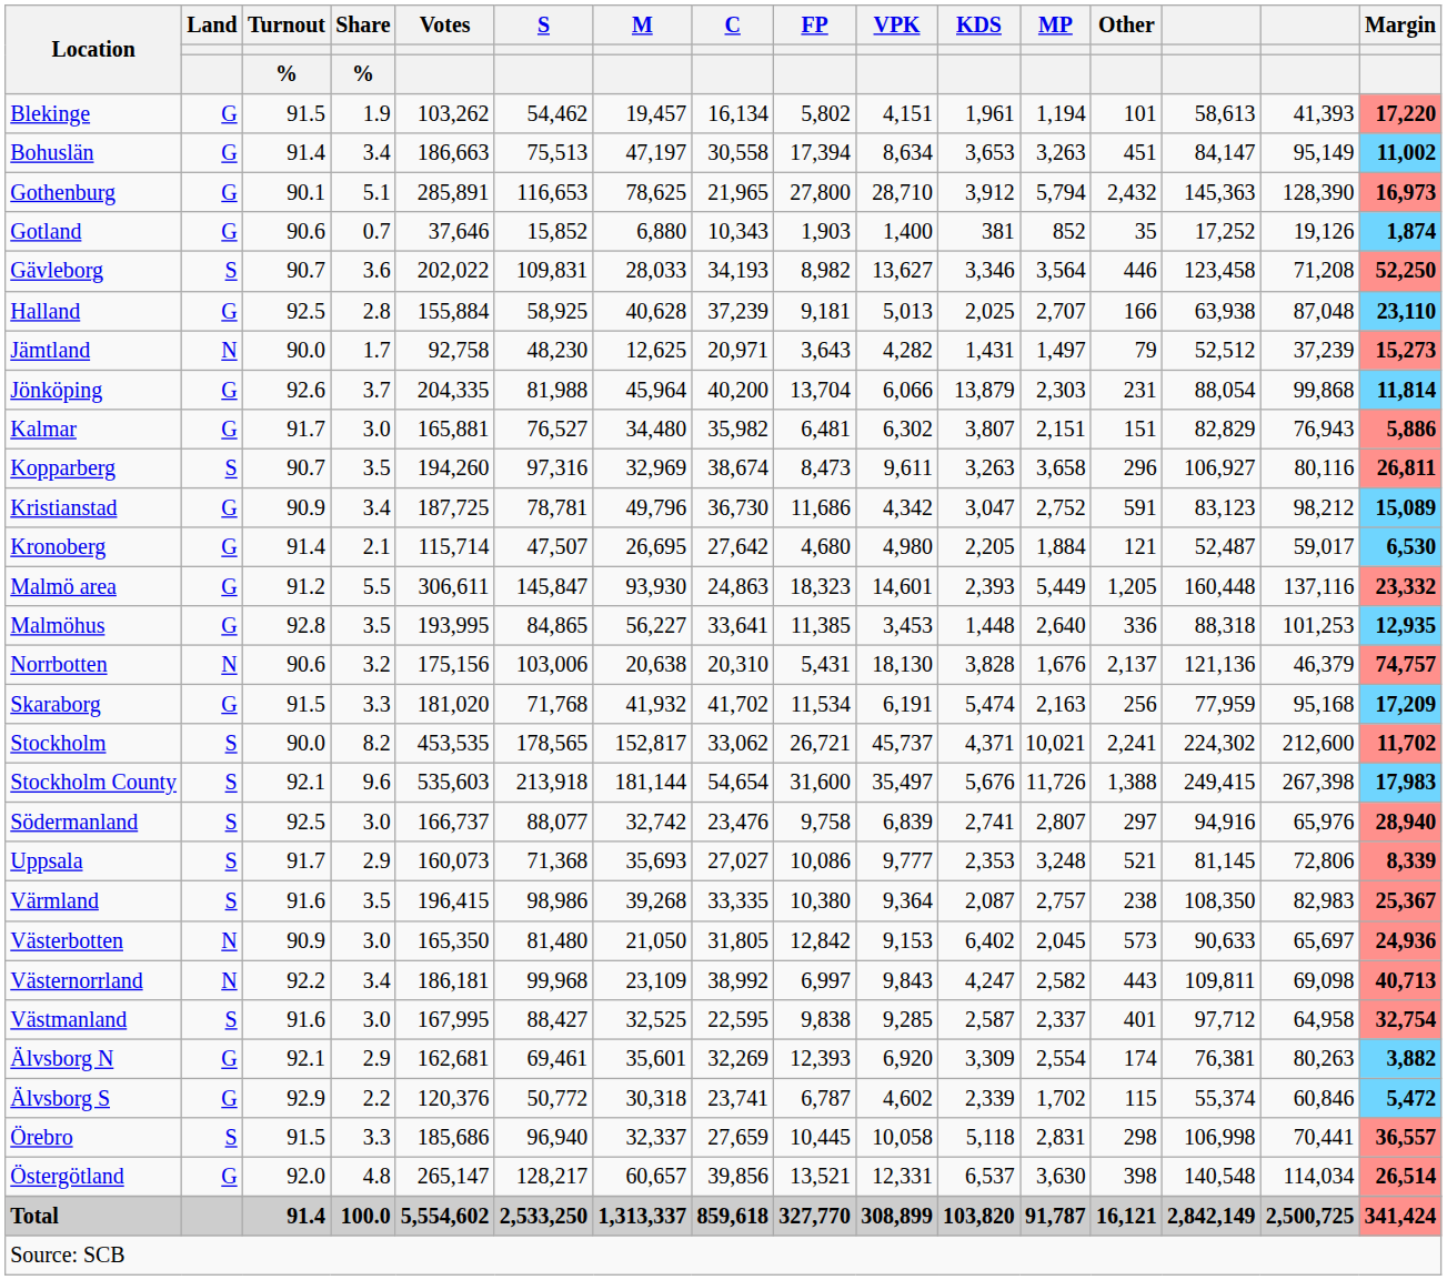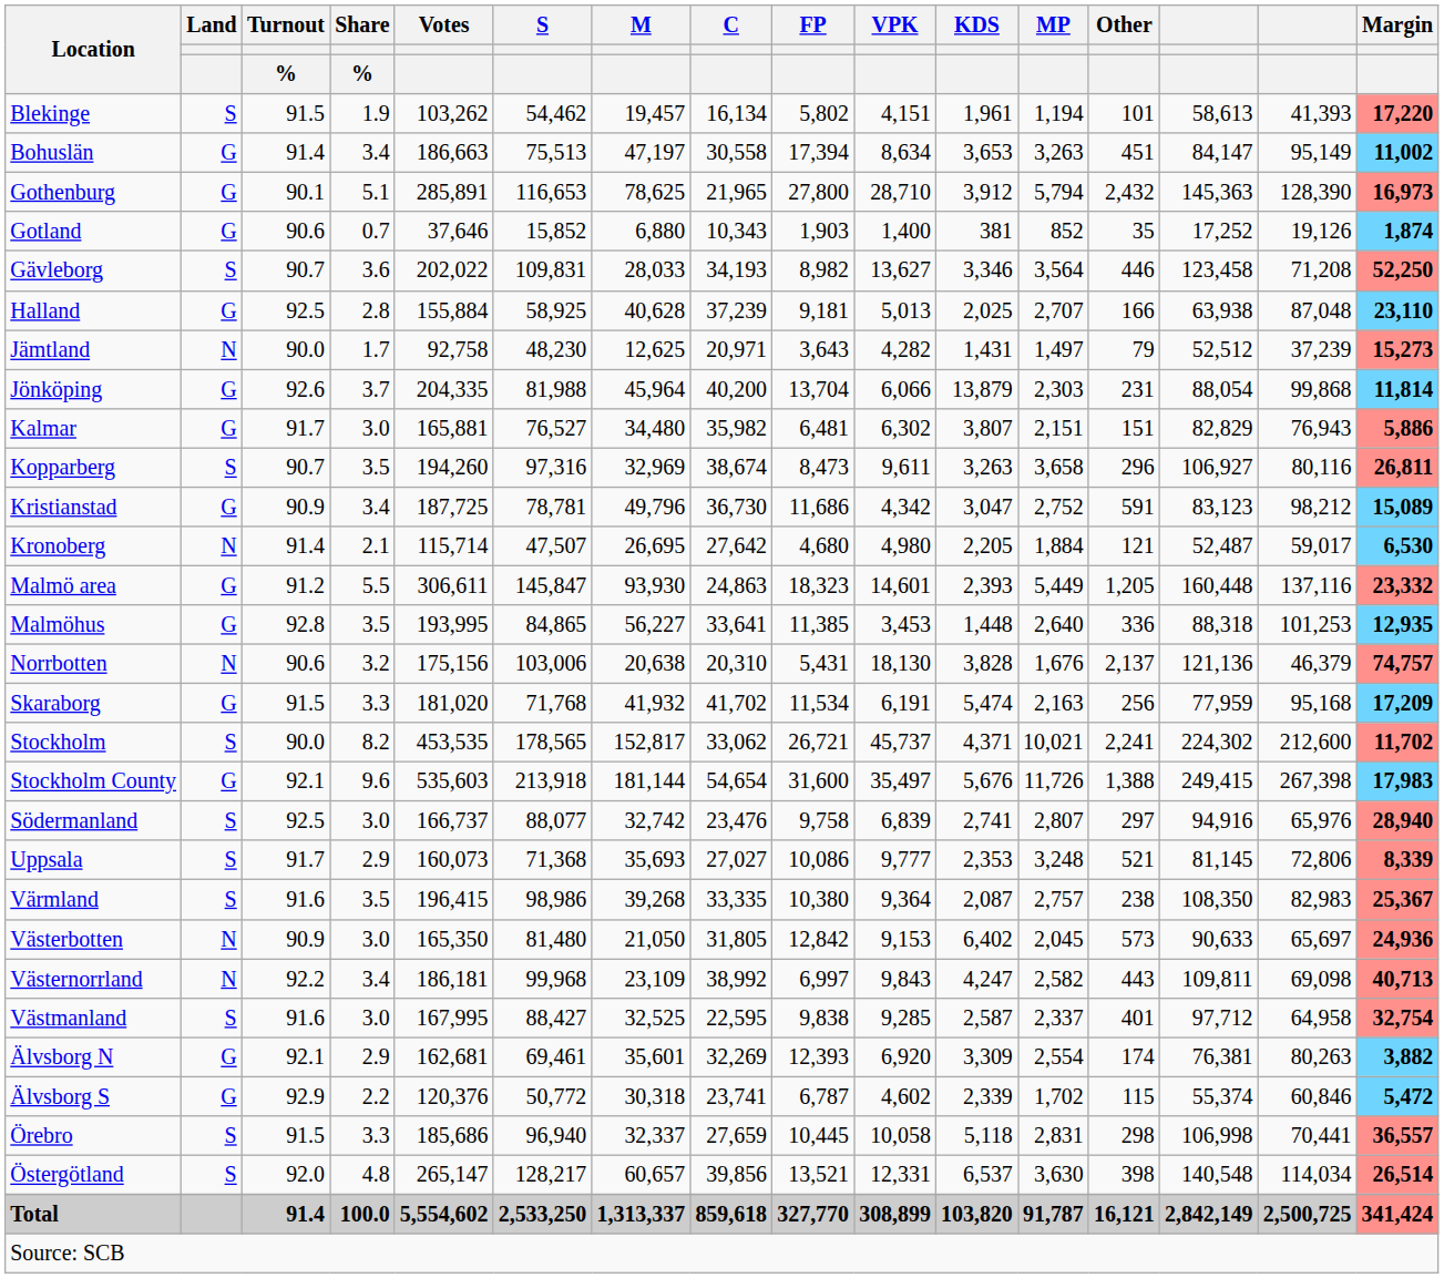 <table class="wikitable sortable" style="text-align:right; font-size:95%; line-height:20px;">
 <tr>
 <th rowspan="3">Location</th>
 <th>Land</th>
 <th>Turnout</th>
 <th>Share</th>
 <th>Votes</th>
 <th width="30px" class="unsortable"><a href='#'>S</a></th>
 <th width="30px" class="unsortable"><a href='#'>M</a></th>
 <th width="30px" class="unsortable"><a href='#'>C</a></th>
 <th width="30px" class="unsortable"><a href='#'>FP</a></th>
 <th width="30px" class="unsortable"><a href='#'>VPK</a></th>
 <th width="30px" class="unsortable"><a href='#'>KDS</a></th>
 <th width="30px" class="unsortable"><a href='#'>MP</a></th>
 <th width="30px" class="unsortable">Other</th>
 <th></th>
 <th></th>
 <th>Margin</th>
 </tr>
 <tr>
 <th></th>
 <th></th>
 <th></th>
 <th></th>
 <th style="background:"></th>
 <th style="background:"></th>
 <th style="background:"></th>
 <th style="background:"></th>
 <th style="background:"></th>
 <th style="background:"></th>
 <th style="background:"></th>
 <th style="background:"></th>
 <th style="background:"></th>
 <th style="background:"></th>
 <th></th>
 </tr>
 <tr>
 <th></th>
 <th data-sort-type="number">%</th>
 <th data-sort-type="number">%</th>
 <th></th>
 <th data-sort-type="number"></th>
 <th data-sort-type="number"></th>
 <th data-sort-type="number"></th>
 <th data-sort-type="number"></th>
 <th data-sort-type="number"></th>
 <th data-sort-type="number"></th>
 <th data-sort-type="number"></th>
 <th data-sort-type="number"></th>
 <th data-sort-type="number"></th>
 <th data-sort-type="number"></th>
 <th data-sort-type="number"></th>
 </tr>
 <tr>
 <td align=left><a href='#'>Blekinge</a></td>
-<td><a href='#'>G</a></td>
+<td><a href='#'>S</a></td>
 <td>91.5</td>
 <td>1.9</td>
 <td>103,262</td>
 <td>54,462</td>
 <td>19,457</td>
 <td>16,134</td>
 <td>5,802</td>
 <td>4,151</td>
 <td>1,961</td>
 <td>1,194</td>
 <td>101</td>
 <td>58,613</td>
 <td>41,393</td>
 <td bgcolor=#ff908c><strong>17,220</strong></td>
 </tr>
 <tr>
 <td align=left><a href='#'>Bohuslän</a></td>
 <td><a href='#'>G</a></td>
 <td>91.4</td>
 <td>3.4</td>
 <td>186,663</td>
 <td>75,513</td>
 <td>47,197</td>
 <td>30,558</td>
 <td>17,394</td>
 <td>8,634</td>
 <td>3,653</td>
 <td>3,263</td>
 <td>451</td>
 <td>84,147</td>
 <td>95,149</td>
 <td bgcolor=#6fd5fe><strong>11,002</strong></td>
 </tr>
 <tr>
 <td align=left><a href='#'>Gothenburg</a></td>
 <td><a href='#'>G</a></td>
 <td>90.1</td>
 <td>5.1</td>
 <td>285,891</td>
 <td>116,653</td>
 <td>78,625</td>
 <td>21,965</td>
 <td>27,800</td>
 <td>28,710</td>
 <td>3,912</td>
 <td>5,794</td>
 <td>2,432</td>
 <td>145,363</td>
 <td>128,390</td>
 <td bgcolor=#ff908c><strong>16,973</strong></td>
 </tr>
 <tr>
 <td align=left><a href='#'>Gotland</a></td>
 <td><a href='#'>G</a></td>
 <td>90.6</td>
 <td>0.7</td>
 <td>37,646</td>
 <td>15,852</td>
 <td>6,880</td>
 <td>10,343</td>
 <td>1,903</td>
 <td>1,400</td>
 <td>381</td>
 <td>852</td>
 <td>35</td>
 <td>17,252</td>
 <td>19,126</td>
 <td bgcolor=#6fd5fe><strong>1,874</strong></td>
 </tr>
 <tr>
 <td align=left><a href='#'>Gävleborg</a></td>
 <td><a href='#'>S</a></td>
 <td>90.7</td>
 <td>3.6</td>
 <td>202,022</td>
 <td>109,831</td>
 <td>28,033</td>
 <td>34,193</td>
 <td>8,982</td>
 <td>13,627</td>
 <td>3,346</td>
 <td>3,564</td>
 <td>446</td>
 <td>123,458</td>
 <td>71,208</td>
 <td bgcolor=#ff908c><strong>52,250</strong></td>
 </tr>
 <tr>
 <td align=left><a href='#'>Halland</a></td>
 <td><a href='#'>G</a></td>
 <td>92.5</td>
 <td>2.8</td>
 <td>155,884</td>
 <td>58,925</td>
 <td>40,628</td>
 <td>37,239</td>
 <td>9,181</td>
 <td>5,013</td>
 <td>2,025</td>
 <td>2,707</td>
 <td>166</td>
 <td>63,938</td>
 <td>87,048</td>
 <td bgcolor=#6fd5fe><strong>23,110</strong></td>
 </tr>
 <tr>
 <td align=left><a href='#'>Jämtland</a></td>
 <td><a href='#'>N</a></td>
 <td>90.0</td>
 <td>1.7</td>
 <td>92,758</td>
 <td>48,230</td>
 <td>12,625</td>
 <td>20,971</td>
 <td>3,643</td>
 <td>4,282</td>
 <td>1,431</td>
 <td>1,497</td>
 <td>79</td>
 <td>52,512</td>
 <td>37,239</td>
 <td bgcolor=#ff908c><strong>15,273</strong></td>
 </tr>
 <tr>
 <td align=left><a href='#'>Jönköping</a></td>
 <td><a href='#'>G</a></td>
 <td>92.6</td>
 <td>3.7</td>
 <td>204,335</td>
 <td>81,988</td>
 <td>45,964</td>
 <td>40,200</td>
 <td>13,704</td>
 <td>6,066</td>
 <td>13,879</td>
 <td>2,303</td>
 <td>231</td>
 <td>88,054</td>
 <td>99,868</td>
 <td bgcolor=#6fd5fe><strong>11,814</strong></td>
 </tr>
 <tr>
 <td align=left><a href='#'>Kalmar</a></td>
 <td><a href='#'>G</a></td>
 <td>91.7</td>
 <td>3.0</td>
 <td>165,881</td>
 <td>76,527</td>
 <td>34,480</td>
 <td>35,982</td>
 <td>6,481</td>
 <td>6,302</td>
 <td>3,807</td>
 <td>2,151</td>
 <td>151</td>
 <td>82,829</td>
 <td>76,943</td>
 <td bgcolor=#ff908c><strong>5,886</strong></td>
 </tr>
 <tr>
 <td align=left><a href='#'>Kopparberg</a></td>
 <td><a href='#'>S</a></td>
 <td>90.7</td>
 <td>3.5</td>
 <td>194,260</td>
 <td>97,316</td>
 <td>32,969</td>
 <td>38,674</td>
 <td>8,473</td>
 <td>9,611</td>
 <td>3,263</td>
 <td>3,658</td>
 <td>296</td>
 <td>106,927</td>
 <td>80,116</td>
 <td bgcolor=#ff908c><strong>26,811</strong></td>
 </tr>
 <tr>
 <td align=left><a href='#'>Kristianstad</a></td>
 <td><a href='#'>G</a></td>
 <td>90.9</td>
 <td>3.4</td>
 <td>187,725</td>
 <td>78,781</td>
 <td>49,796</td>
 <td>36,730</td>
 <td>11,686</td>
 <td>4,342</td>
 <td>3,047</td>
 <td>2,752</td>
 <td>591</td>
 <td>83,123</td>
 <td>98,212</td>
 <td bgcolor=#6fd5fe><strong>15,089</strong></td>
 </tr>
 <tr>
 <td align=left><a href='#'>Kronoberg</a></td>
-<td><a href='#'>G</a></td>
+<td><a href='#'>N</a></td>
 <td>91.4</td>
 <td>2.1</td>
 <td>115,714</td>
 <td>47,507</td>
 <td>26,695</td>
 <td>27,642</td>
 <td>4,680</td>
 <td>4,980</td>
 <td>2,205</td>
 <td>1,884</td>
 <td>121</td>
 <td>52,487</td>
 <td>59,017</td>
 <td bgcolor=#6fd5fe><strong>6,530</strong></td>
 </tr>
 <tr>
 <td align=left><a href='#'>Malmö area</a></td>
 <td><a href='#'>G</a></td>
 <td>91.2</td>
 <td>5.5</td>
 <td>306,611</td>
 <td>145,847</td>
 <td>93,930</td>
 <td>24,863</td>
 <td>18,323</td>
 <td>14,601</td>
 <td>2,393</td>
 <td>5,449</td>
 <td>1,205</td>
 <td>160,448</td>
 <td>137,116</td>
 <td bgcolor=#ff908c><strong>23,332</strong></td>
 </tr>
 <tr>
 <td align=left><a href='#'>Malmöhus</a></td>
 <td><a href='#'>G</a></td>
 <td>92.8</td>
 <td>3.5</td>
 <td>193,995</td>
 <td>84,865</td>
 <td>56,227</td>
 <td>33,641</td>
 <td>11,385</td>
 <td>3,453</td>
 <td>1,448</td>
 <td>2,640</td>
 <td>336</td>
 <td>88,318</td>
 <td>101,253</td>
 <td bgcolor=#6fd5fe><strong>12,935</strong></td>
 </tr>
 <tr>
 <td align=left><a href='#'>Norrbotten</a></td>
 <td><a href='#'>N</a></td>
 <td>90.6</td>
 <td>3.2</td>
 <td>175,156</td>
 <td>103,006</td>
 <td>20,638</td>
 <td>20,310</td>
 <td>5,431</td>
 <td>18,130</td>
 <td>3,828</td>
 <td>1,676</td>
 <td>2,137</td>
 <td>121,136</td>
 <td>46,379</td>
 <td bgcolor=#ff908c><strong>74,757</strong></td>
 </tr>
 <tr>
 <td align=left><a href='#'>Skaraborg</a></td>
 <td><a href='#'>G</a></td>
 <td>91.5</td>
 <td>3.3</td>
 <td>181,020</td>
 <td>71,768</td>
 <td>41,932</td>
 <td>41,702</td>
 <td>11,534</td>
 <td>6,191</td>
 <td>5,474</td>
 <td>2,163</td>
 <td>256</td>
 <td>77,959</td>
 <td>95,168</td>
 <td bgcolor=#6fd5fe><strong>17,209</strong></td>
 </tr>
 <tr>
 <td align=left><a href='#'>Stockholm</a></td>
 <td><a href='#'>S</a></td>
 <td>90.0</td>
 <td>8.2</td>
 <td>453,535</td>
 <td>178,565</td>
 <td>152,817</td>
 <td>33,062</td>
 <td>26,721</td>
 <td>45,737</td>
 <td>4,371</td>
 <td>10,021</td>
 <td>2,241</td>
 <td>224,302</td>
 <td>212,600</td>
 <td bgcolor=#ff908c><strong>11,702</strong></td>
 </tr>
 <tr>
 <td align=left><a href='#'>Stockholm County</a></td>
-<td><a href='#'>S</a></td>
+<td><a href='#'>G</a></td>
 <td>92.1</td>
 <td>9.6</td>
 <td>535,603</td>
 <td>213,918</td>
 <td>181,144</td>
 <td>54,654</td>
 <td>31,600</td>
 <td>35,497</td>
 <td>5,676</td>
 <td>11,726</td>
 <td>1,388</td>
 <td>249,415</td>
 <td>267,398</td>
 <td bgcolor=#6fd5fe><strong>17,983</strong></td>
 </tr>
 <tr>
 <td align=left><a href='#'>Södermanland</a></td>
 <td><a href='#'>S</a></td>
 <td>92.5</td>
 <td>3.0</td>
 <td>166,737</td>
 <td>88,077</td>
 <td>32,742</td>
 <td>23,476</td>
 <td>9,758</td>
 <td>6,839</td>
 <td>2,741</td>
 <td>2,807</td>
 <td>297</td>
 <td>94,916</td>
 <td>65,976</td>
 <td bgcolor=#ff908c><strong>28,940</strong></td>
 </tr>
 <tr>
 <td align=left><a href='#'>Uppsala</a></td>
 <td><a href='#'>S</a></td>
 <td>91.7</td>
 <td>2.9</td>
 <td>160,073</td>
 <td>71,368</td>
 <td>35,693</td>
 <td>27,027</td>
 <td>10,086</td>
 <td>9,777</td>
 <td>2,353</td>
 <td>3,248</td>
 <td>521</td>
 <td>81,145</td>
 <td>72,806</td>
 <td bgcolor=#ff908c><strong>8,339</strong></td>
 </tr>
 <tr>
 <td align=left><a href='#'>Värmland</a></td>
 <td><a href='#'>S</a></td>
 <td>91.6</td>
 <td>3.5</td>
 <td>196,415</td>
 <td>98,986</td>
 <td>39,268</td>
 <td>33,335</td>
 <td>10,380</td>
 <td>9,364</td>
 <td>2,087</td>
 <td>2,757</td>
 <td>238</td>
 <td>108,350</td>
 <td>82,983</td>
 <td bgcolor=#ff908c><strong>25,367</strong></td>
 </tr>
 <tr>
 <td align=left><a href='#'>Västerbotten</a></td>
 <td><a href='#'>N</a></td>
 <td>90.9</td>
 <td>3.0</td>
 <td>165,350</td>
 <td>81,480</td>
 <td>21,050</td>
 <td>31,805</td>
 <td>12,842</td>
 <td>9,153</td>
 <td>6,402</td>
 <td>2,045</td>
 <td>573</td>
 <td>90,633</td>
 <td>65,697</td>
 <td bgcolor=#ff908c><strong>24,936</strong></td>
 </tr>
 <tr>
 <td align=left><a href='#'>Västernorrland</a></td>
 <td><a href='#'>N</a></td>
 <td>92.2</td>
 <td>3.4</td>
 <td>186,181</td>
 <td>99,968</td>
 <td>23,109</td>
 <td>38,992</td>
 <td>6,997</td>
 <td>9,843</td>
 <td>4,247</td>
 <td>2,582</td>
 <td>443</td>
 <td>109,811</td>
 <td>69,098</td>
 <td bgcolor=#ff908c><strong>40,713</strong></td>
 </tr>
 <tr>
 <td align=left><a href='#'>Västmanland</a></td>
 <td><a href='#'>S</a></td>
 <td>91.6</td>
 <td>3.0</td>
 <td>167,995</td>
 <td>88,427</td>
 <td>32,525</td>
 <td>22,595</td>
 <td>9,838</td>
 <td>9,285</td>
 <td>2,587</td>
 <td>2,337</td>
 <td>401</td>
 <td>97,712</td>
 <td>64,958</td>
 <td bgcolor=#ff908c><strong>32,754</strong></td>
 </tr>
 <tr>
 <td align=left><a href='#'>Älvsborg N</a></td>
 <td><a href='#'>G</a></td>
 <td>92.1</td>
 <td>2.9</td>
 <td>162,681</td>
 <td>69,461</td>
 <td>35,601</td>
 <td>32,269</td>
 <td>12,393</td>
 <td>6,920</td>
 <td>3,309</td>
 <td>2,554</td>
 <td>174</td>
 <td>76,381</td>
 <td>80,263</td>
 <td bgcolor=#6fd5fe><strong>3,882</strong></td>
 </tr>
 <tr>
 <td align=left><a href='#'>Älvsborg S</a></td>
 <td><a href='#'>G</a></td>
 <td>92.9</td>
 <td>2.2</td>
 <td>120,376</td>
 <td>50,772</td>
 <td>30,318</td>
 <td>23,741</td>
 <td>6,787</td>
 <td>4,602</td>
 <td>2,339</td>
 <td>1,702</td>
 <td>115</td>
 <td>55,374</td>
 <td>60,846</td>
 <td bgcolor=#6fd5fe><strong>5,472</strong></td>
 </tr>
 <tr>
 <td align=left><a href='#'>Örebro</a></td>
 <td><a href='#'>S</a></td>
 <td>91.5</td>
 <td>3.3</td>
 <td>185,686</td>
 <td>96,940</td>
 <td>32,337</td>
 <td>27,659</td>
 <td>10,445</td>
 <td>10,058</td>
 <td>5,118</td>
 <td>2,831</td>
 <td>298</td>
 <td>106,998</td>
 <td>70,441</td>
 <td bgcolor=#ff908c><strong>36,557</strong></td>
 </tr>
 <tr>
 <td align=left><a href='#'>Östergötland</a></td>
-<td><a href='#'>G</a></td>
+<td><a href='#'>S</a></td>
 <td>92.0</td>
 <td>4.8</td>
 <td>265,147</td>
 <td>128,217</td>
 <td>60,657</td>
 <td>39,856</td>
 <td>13,521</td>
 <td>12,331</td>
 <td>6,537</td>
 <td>3,630</td>
 <td>398</td>
 <td>140,548</td>
 <td>114,034</td>
 <td bgcolor=#ff908c><strong>26,514</strong></td>
 </tr>
 <tr>
 </tr>
 <tr style="background:#CDCDCD;">
 <td align=left><strong>Total</strong></td>
 <td></td>
 <td><strong>91.4</strong></td>
 <td><strong>100.0</strong></td>
 <td><strong>5,554,602</strong></td>
 <td><strong>2,533,250</strong></td>
 <td><strong>1,313,337</strong></td>
 <td><strong>859,618</strong></td>
 <td><strong>327,770</strong></td>
 <td><strong>308,899</strong></td>
 <td><strong>103,820</strong></td>
 <td><strong>91,787</strong></td>
 <td><strong>16,121</strong></td>
 <td><strong>2,842,149</strong></td>
 <td><strong>2,500,725</strong></td>
 <td bgcolor=#ff908c><strong>341,424</strong></td>
 </tr>
 <tr>
 <td align=left colspan=16>Source: SCB </td>
 </tr>
 </table>
